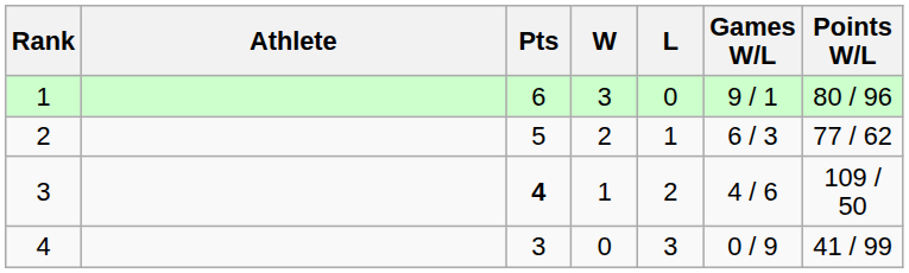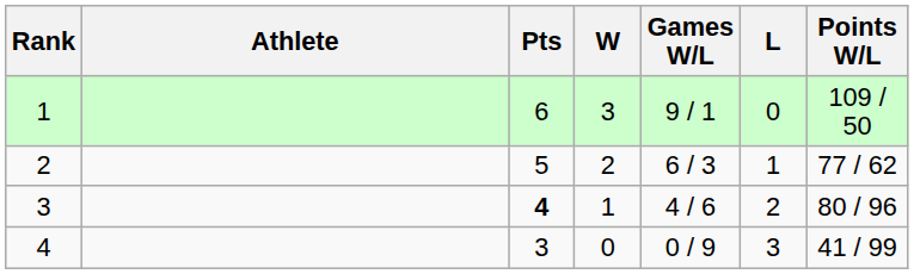 <table class="wikitable" style="text-align: center; font-size:90% ">
 <tr>
 <th width="20">Rank</th>
 <th width="230">Athlete</th>
 <th width="30">Pts</th>
 <th width="30">W</th>
+<th width="40">Games<br>W/L</th>
 <th width="30">L</th>
-<th width="40">Games<br>W/L</th>
 <th width="50">Points<br>W/L</th>
 </tr>
 <tr bgcolor=#ccffcc>
 <td>1</td>
 <td align=left></td>
 <td>6</td>
 <td>3</td>
+<td>9 / 1</td>
 <td>0</td>
-<td>9 / 1</td>
-<td>80 / 96</td>
+<td>109 / 50</td>
 </tr>
 <tr>
 <td>2</td>
 <td align=left></td>
 <td>5</td>
 <td>2</td>
+<td>6 / 3</td>
 <td>1</td>
-<td>6 / 3</td>
 <td>77 / 62</td>
 </tr>
 <tr>
 <td>3</td>
 <td align=left></td>
 <td><strong>4</strong></td>
 <td>1</td>
+<td>4 / 6</td>
 <td>2</td>
-<td>4 / 6</td>
-<td>109 / 50</td>
+<td>80 / 96</td>
 </tr>
 <tr>
 <td>4</td>
 <td align=left></td>
 <td>3</td>
 <td>0</td>
+<td>0 / 9</td>
 <td>3</td>
-<td>0 / 9</td>
 <td>41 / 99</td>
 </tr>
 </table>
